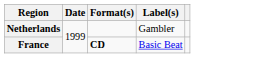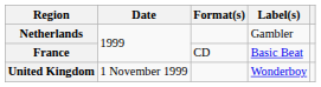 <table class="wikitable plainrowheaders">
 <tr>
 <th scope="col">Region</th>
 <th scope="col">Date</th>
 <th scope="col">Format(s)</th>
 <th scope="col">Label(s)</th>
 <th scope="col"></th>
 </tr>
 <tr>
 <th scope="row">Netherlands</th>
 <td rowspan="2">1999</td>
 <td></td>
 <td>Gambler</td>
 <td></td>
 </tr>
 <tr>
 <th scope="row">France</th>
-<td><strong>CD</strong></td>
+<td>CD</td>
 <td><a href='#'>Basic Beat</a></td>
 <td></td>
 </tr>
+<tr>
+<th scope="row">United Kingdom</th>
+<td>1 November 1999</td>
+<td></td>
+<td><a href='#'>Wonderboy</a></td>
+<td></td>
+</tr>
 </table>
